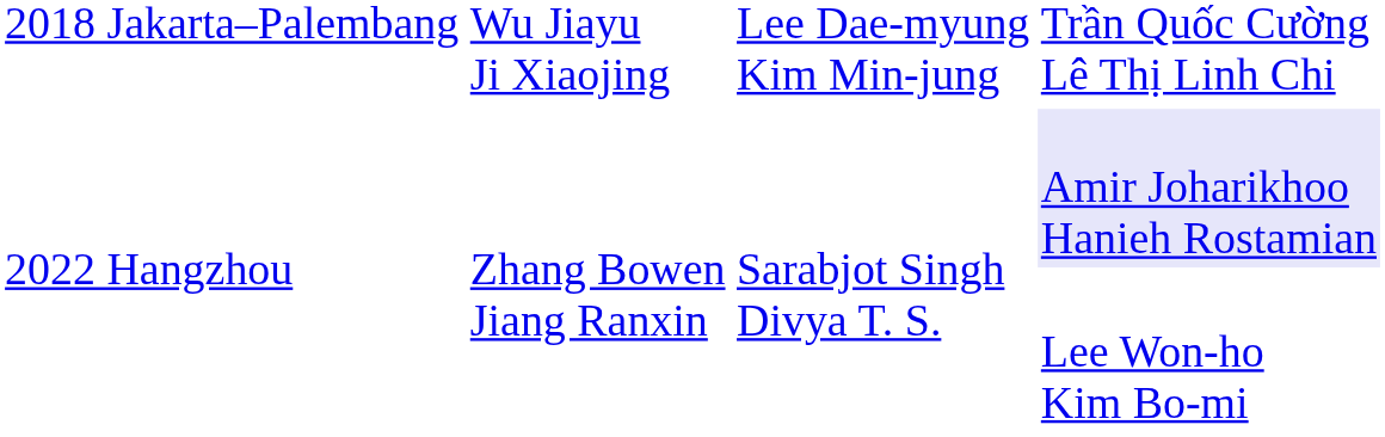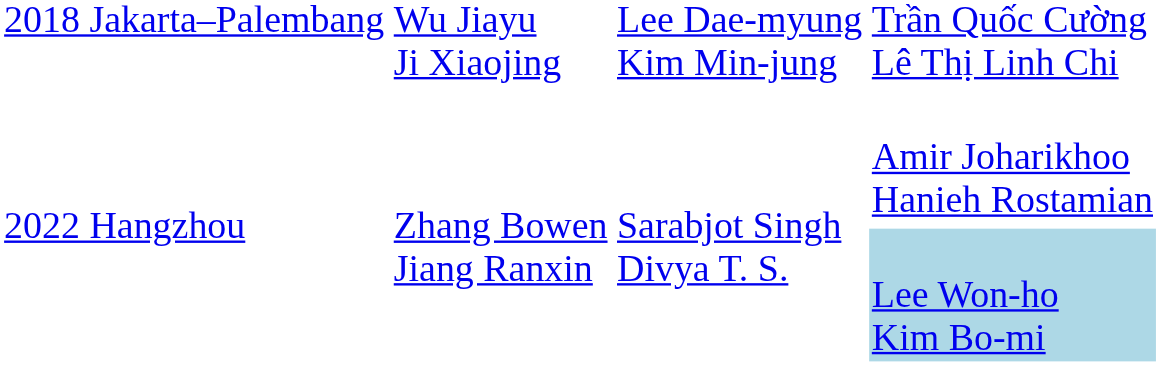 <table>
 <tr>
 <td><a href='#'>2018 Jakarta–Palembang</a></td>
 <td><br><a href='#'>Wu Jiayu</a><br><a href='#'>Ji Xiaojing</a></td>
 <td><br><a href='#'>Lee Dae-myung</a><br><a href='#'>Kim Min-jung</a></td>
 <td><br><a href='#'>Trần Quốc Cường</a><br><a href='#'>Lê Thị Linh Chi</a></td>
 </tr>
 <tr>
 <td rowspan=2><a href='#'>2022 Hangzhou</a></td>
 <td rowspan=2><br><a href='#'>Zhang Bowen</a><br><a href='#'>Jiang Ranxin</a></td>
 <td rowspan=2><br><a href='#'>Sarabjot Singh</a><br><a href='#'>Divya T. S.</a></td>
-<td style="background: lavender;"><br><a href='#'>Amir Joharikhoo</a><br><a href='#'>Hanieh Rostamian</a></td>
+<td><br><a href='#'>Amir Joharikhoo</a><br><a href='#'>Hanieh Rostamian</a></td>
 </tr>
 <tr>
-<td><br><a href='#'>Lee Won-ho</a><br><a href='#'>Kim Bo-mi</a></td>
+<td style="background: lightblue;"><br><a href='#'>Lee Won-ho</a><br><a href='#'>Kim Bo-mi</a></td>
 </tr>
 </table>
